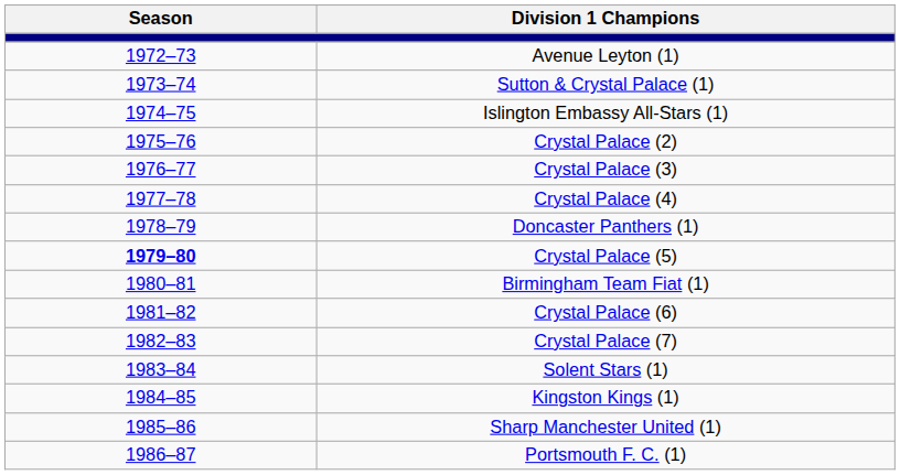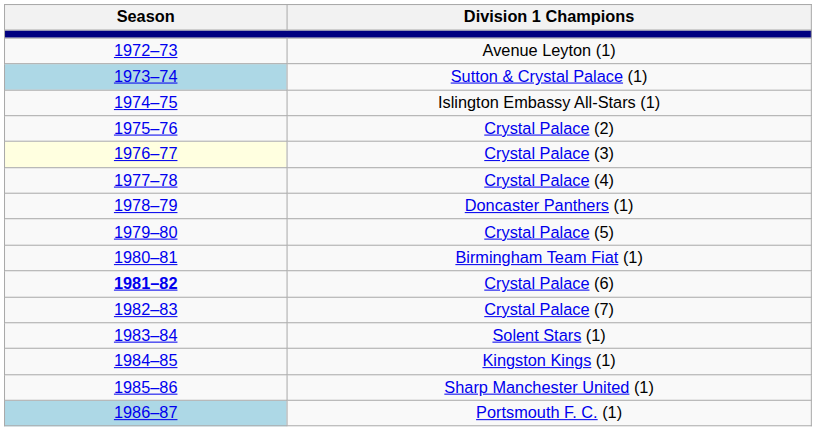 <table class="wikitable" style="text-align:center;font-size:100%;width: 50%">
 <tr bgcolor="#efefef">
 </tr>
 <tr>
 <th width=35%>Season</th>
 <th width=65%>Division 1 Champions</th>
 </tr>
 <tr>
 <td colspan="7" align=center bgcolor="navy"></td>
 </tr>
 <tr>
 <td><a href='#'>1972–73</a></td>
 <td>Avenue Leyton (1)</td>
 </tr>
 <tr>
-<td><a href='#'>1973–74</a></td>
+<td style="background: lightblue;"><a href='#'>1973–74</a></td>
 <td><a href='#'>Sutton & Crystal Palace</a> (1)</td>
 </tr>
 <tr>
 <td><a href='#'>1974–75</a></td>
 <td>Islington Embassy All-Stars (1)</td>
 </tr>
 <tr>
 <td><a href='#'>1975–76</a></td>
 <td><a href='#'>Crystal Palace</a> (2)</td>
 </tr>
 <tr>
-<td><a href='#'>1976–77</a></td>
+<td style="background: lightyellow;"><a href='#'>1976–77</a></td>
 <td><a href='#'>Crystal Palace</a> (3)</td>
 </tr>
 <tr>
 <td><a href='#'>1977–78</a></td>
 <td><a href='#'>Crystal Palace</a> (4)</td>
 </tr>
 <tr>
 <td><a href='#'>1978–79</a></td>
 <td><a href='#'>Doncaster Panthers</a> (1)</td>
 </tr>
 <tr>
-<td><strong><a href='#'>1979–80</a></strong></td>
+<td><a href='#'>1979–80</a></td>
 <td><a href='#'>Crystal Palace</a> (5)</td>
 </tr>
 <tr>
 <td><a href='#'>1980–81</a></td>
 <td><a href='#'>Birmingham Team Fiat</a> (1)</td>
 </tr>
 <tr>
-<td><a href='#'>1981–82</a></td>
+<td><strong><a href='#'>1981–82</a></strong></td>
 <td><a href='#'>Crystal Palace</a> (6)</td>
 </tr>
 <tr>
 <td><a href='#'>1982–83</a></td>
 <td><a href='#'>Crystal Palace</a> (7)</td>
 </tr>
 <tr>
 <td><a href='#'>1983–84</a></td>
 <td><a href='#'>Solent Stars</a> (1)</td>
 </tr>
 <tr>
 <td><a href='#'>1984–85</a></td>
 <td><a href='#'>Kingston Kings</a> (1)</td>
 </tr>
 <tr>
 <td><a href='#'>1985–86</a></td>
 <td><a href='#'>Sharp Manchester United</a> (1)</td>
 </tr>
 <tr>
-<td><a href='#'>1986–87</a></td>
+<td style="background: lightblue;"><a href='#'>1986–87</a></td>
 <td><a href='#'>Portsmouth F. C.</a> (1)</td>
 </tr>
 </table>
